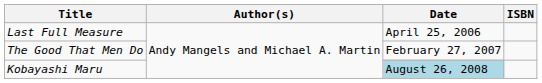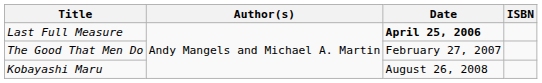 <table class="wikitable">
 <tr>
 <th>Title</th>
 <th>Author(s)</th>
 <th>Date</th>
 <th>ISBN</th>
 </tr>
 <tr>
 <td><em>Last Full Measure</em></td>
 <td rowspan="3">Andy Mangels and Michael A. Martin</td>
-<td>April 25, 2006</td>
+<td><strong>April 25, 2006</strong></td>
 <td></td>
 </tr>
 <tr>
 <td><em>The Good That Men Do</em></td>
 <td>February 27, 2007</td>
 <td></td>
 </tr>
 <tr>
 <td><em>Kobayashi Maru</em></td>
-<td style="background: lightblue;">August 26, 2008</td>
+<td>August 26, 2008</td>
 <td></td>
 </tr>
 </table>
